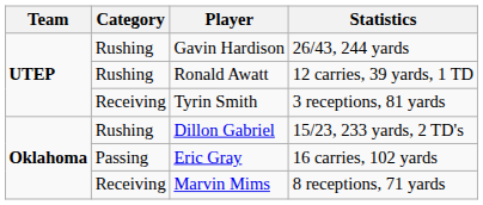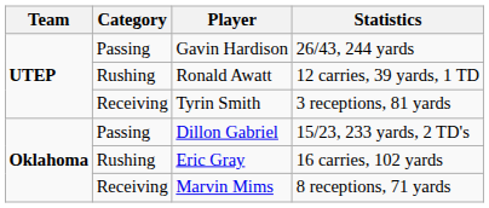 <table class="wikitable" style="float: right;">
 <tr>
 <th>Team</th>
 <th>Category</th>
 <th>Player</th>
 <th>Statistics</th>
 </tr>
 <tr>
 <td rowspan=3><strong>UTEP</strong></td>
-<td>Rushing</td>
+<td>Passing</td>
 <td>Gavin Hardison</td>
 <td>26/43, 244 yards</td>
 </tr>
 <tr>
 <td>Rushing</td>
 <td>Ronald Awatt</td>
 <td>12 carries, 39 yards, 1 TD</td>
 </tr>
 <tr>
 <td>Receiving</td>
 <td>Tyrin Smith</td>
 <td>3 receptions, 81 yards</td>
 </tr>
 <tr>
 <td rowspan=3><strong>Oklahoma</strong></td>
-<td>Rushing</td>
+<td>Passing</td>
 <td><a href='#'>Dillon Gabriel</a></td>
 <td>15/23, 233 yards, 2 TD's</td>
 </tr>
 <tr>
-<td>Passing</td>
+<td>Rushing</td>
 <td><a href='#'>Eric Gray</a></td>
 <td>16 carries, 102 yards</td>
 </tr>
 <tr>
 <td>Receiving</td>
 <td><a href='#'>Marvin Mims</a></td>
 <td>8 receptions, 71 yards</td>
 </tr>
 </table>
